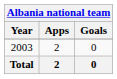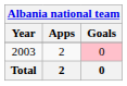 <table class="wikitable" style="text-align:center">
 <tr>
 <th colspan=3><a href='#'>Albania national team</a></th>
 </tr>
 <tr |>
 <th>Year</th>
 <th>Apps</th>
 <th>Goals</th>
 </tr>
 <tr>
 </tr>
 <tr>
 <td>2003</td>
 <td>2</td>
-<td>0</td>
+<td style="background: pink;">0</td>
 </tr>
 <tr>
 <th>Total</th>
 <th>2</th>
 <th>0</th>
 </tr>
 </table>
